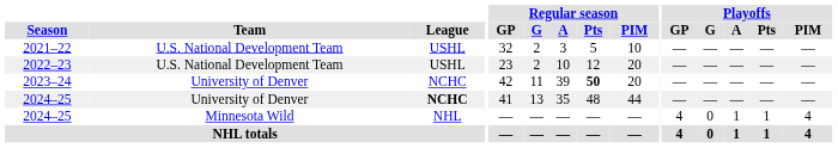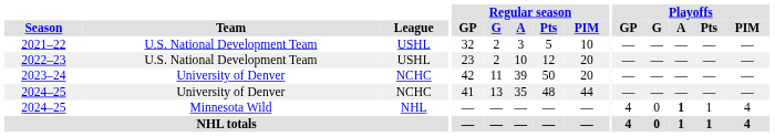 <table border="0" cellpadding="1" cellspacing="0" style="text-align:center; width:60em">
 <tr bgcolor="#e0e0e0">
 <th colspan="3" bgcolor="#ffffff"></th>
 <th rowspan="100" bgcolor="#ffffff"></th>
 <th colspan="5"><a href='#'>Regular season</a></th>
 <th rowspan="100" bgcolor="#ffffff"></th>
 <th colspan="5"><a href='#'>Playoffs</a></th>
 </tr>
 <tr bgcolor="#e0e0e0">
 <th><a href='#'>Season</a></th>
 <th>Team</th>
 <th>League</th>
 <th>GP</th>
 <th><a href='#'>G</a></th>
 <th><a href='#'>A</a></th>
 <th><a href='#'>Pts</a></th>
 <th><a href='#'>PIM</a></th>
 <th>GP</th>
 <th>G</th>
 <th>A</th>
 <th>Pts</th>
 <th>PIM</th>
 </tr>
 <tr>
 <td><a href='#'>2021–22</a></td>
 <td><a href='#'>U.S. National Development Team</a></td>
 <td><a href='#'>USHL</a></td>
 <td>32</td>
 <td>2</td>
 <td>3</td>
 <td>5</td>
 <td>10</td>
 <td>—</td>
 <td>—</td>
 <td>—</td>
 <td>—</td>
 <td>—</td>
 </tr>
 <tr bgcolor="#f0f0f0">
 <td><a href='#'>2022–23</a></td>
 <td>U.S. National Development Team</td>
 <td>USHL</td>
 <td>23</td>
 <td>2</td>
 <td>10</td>
 <td>12</td>
 <td>20</td>
 <td>—</td>
 <td>—</td>
 <td>—</td>
 <td>—</td>
 <td>—</td>
 </tr>
 <tr>
 <td><a href='#'>2023–24</a></td>
 <td><a href='#'>University of Denver</a></td>
 <td><a href='#'>NCHC</a></td>
 <td>42</td>
 <td>11</td>
 <td>39</td>
-<td><strong>50</strong></td>
+<td>50</td>
 <td>20</td>
 <td>—</td>
 <td>—</td>
 <td>—</td>
 <td>—</td>
 <td>—</td>
 </tr>
 <tr bgcolor="#f0f0f0">
 <td><a href='#'>2024–25</a></td>
 <td>University of Denver</td>
-<td><strong>NCHC</strong></td>
+<td>NCHC</td>
 <td>41</td>
 <td>13</td>
 <td>35</td>
 <td>48</td>
 <td>44</td>
 <td>—</td>
 <td>—</td>
 <td>—</td>
 <td>—</td>
 <td>—</td>
 </tr>
 <tr>
 <td><a href='#'>2024–25</a></td>
 <td><a href='#'>Minnesota Wild</a></td>
 <td><a href='#'>NHL</a></td>
 <td>—</td>
 <td>—</td>
 <td>—</td>
 <td>—</td>
 <td>—</td>
 <td>4</td>
 <td>0</td>
-<td>1</td>
+<td><strong>1</strong></td>
 <td>1</td>
 <td>4</td>
 </tr>
 <tr bgcolor="#e0e0e0">
 <th colspan="3">NHL totals</th>
 <th>—</th>
 <th>—</th>
 <th>—</th>
 <th>—</th>
 <th>—</th>
 <th>4</th>
 <th>0</th>
 <th>1</th>
 <th>1</th>
 <th>4</th>
 </tr>
 </table>
